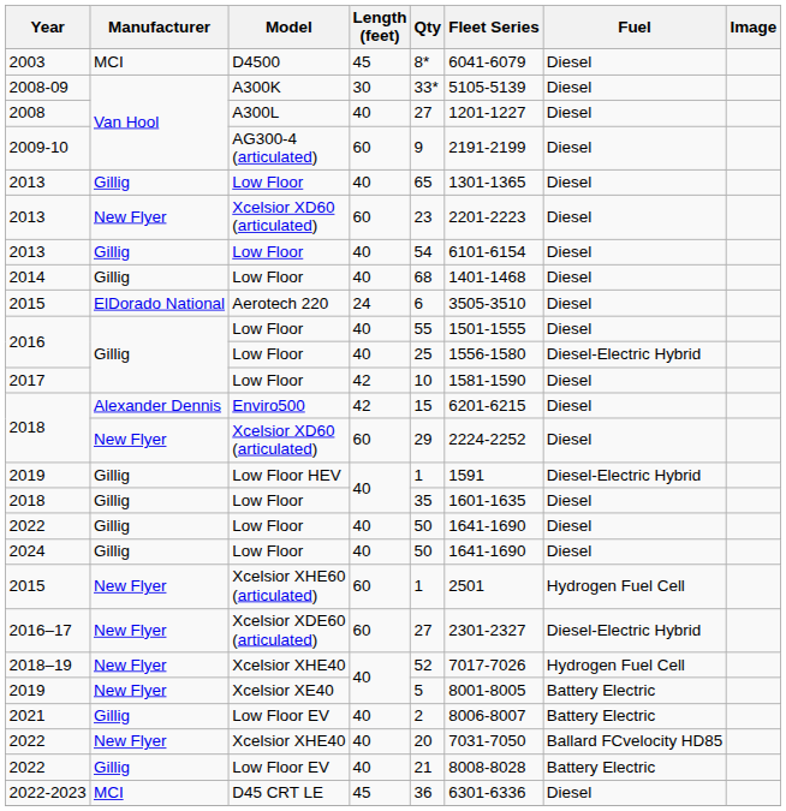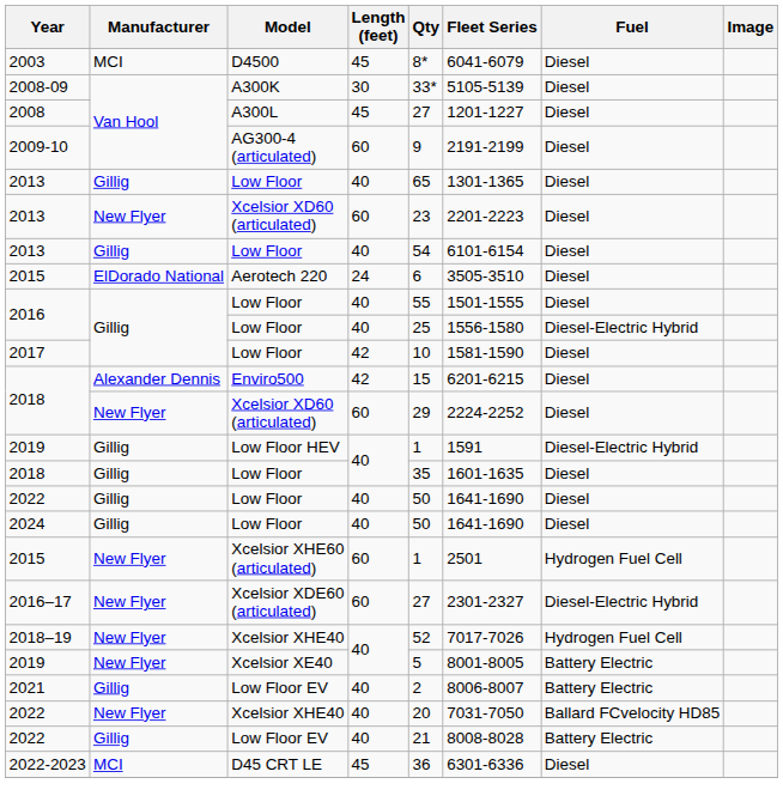 <table class= "wikitable sortable">
 <tr>
 <th>Year</th>
 <th>Manufacturer</th>
 <th>Model</th>
 <th>Length<br>(feet)</th>
 <th>Qty</th>
 <th>Fleet Series</th>
 <th>Fuel</th>
 <th class="unsortable">Image</th>
 </tr>
 <tr>
 <td>2003</td>
 <td>MCI</td>
 <td>D4500</td>
 <td>45</td>
 <td>8*</td>
 <td>6041-6079</td>
 <td>Diesel</td>
 </tr>
 <tr>
 <td>2008-09</td>
 <td rowspan="3"><a href='#'>Van Hool</a></td>
 <td>A300K</td>
 <td>30</td>
 <td>33*</td>
 <td>5105-5139</td>
 <td>Diesel</td>
 <td></td>
 </tr>
 <tr>
 <td>2008</td>
 <td>A300L</td>
-<td>40</td>
+<td>45</td>
 <td>27</td>
 <td>1201-1227</td>
 <td>Diesel</td>
 <td></td>
 </tr>
 <tr>
 <td>2009-10</td>
 <td>AG300-4<br>(<a href='#'>articulated</a>)</td>
 <td>60</td>
 <td>9</td>
 <td>2191-2199</td>
 <td>Diesel</td>
 <td></td>
 </tr>
 <tr>
 <td>2013</td>
 <td><a href='#'>Gillig</a></td>
 <td><a href='#'>Low Floor</a></td>
 <td>40</td>
 <td>65</td>
 <td>1301-1365</td>
 <td>Diesel</td>
 <td></td>
 </tr>
 <tr>
 <td>2013</td>
 <td><a href='#'>New Flyer</a></td>
 <td><a href='#'>Xcelsior XD60</a><br>(<a href='#'>articulated</a>)</td>
 <td>60</td>
 <td>23</td>
 <td>2201-2223</td>
 <td>Diesel</td>
 <td></td>
 </tr>
 <tr>
 <td>2013</td>
 <td><a href='#'>Gillig</a></td>
 <td><a href='#'>Low Floor</a></td>
 <td>40</td>
 <td>54</td>
 <td>6101-6154</td>
-<td>Diesel</td>
-<td></td>
-</tr>
-<tr>
-<td>2014</td>
-<td>Gillig</td>
-<td>Low Floor</td>
-<td>40</td>
-<td>68</td>
-<td>1401-1468</td>
 <td>Diesel</td>
 <td></td>
 </tr>
 <tr>
 <td>2015</td>
 <td><a href='#'>ElDorado National</a></td>
 <td>Aerotech 220</td>
 <td>24</td>
 <td>6</td>
 <td>3505-3510</td>
 <td>Diesel</td>
 <td></td>
 </tr>
 <tr>
 <td rowspan=2>2016</td>
 <td rowspan=3>Gillig</td>
 <td>Low Floor</td>
 <td>40</td>
 <td>55</td>
 <td>1501-1555</td>
 <td>Diesel</td>
 <td></td>
 </tr>
 <tr>
 <td>Low Floor</td>
 <td>40</td>
 <td>25</td>
 <td>1556-1580</td>
 <td>Diesel-Electric Hybrid</td>
 <td></td>
 </tr>
 <tr>
 <td>2017</td>
 <td>Low Floor</td>
 <td>42</td>
 <td>10</td>
 <td>1581-1590</td>
 <td>Diesel</td>
 <td></td>
 </tr>
 <tr>
 <td rowspan=2>2018</td>
 <td><a href='#'>Alexander Dennis</a></td>
 <td><a href='#'>Enviro500</a></td>
 <td>42</td>
 <td>15</td>
 <td>6201-6215</td>
 <td>Diesel</td>
 <td></td>
 </tr>
 <tr>
 <td><a href='#'>New Flyer</a></td>
 <td><a href='#'>Xcelsior XD60</a><br>(<a href='#'>articulated</a>)</td>
 <td>60</td>
 <td>29</td>
 <td>2224-2252</td>
 <td>Diesel</td>
 <td></td>
 </tr>
 <tr>
 <td>2019</td>
 <td>Gillig</td>
 <td>Low Floor HEV</td>
 <td rowspan="2">40</td>
 <td>1</td>
 <td>1591</td>
 <td>Diesel-Electric Hybrid</td>
 <td></td>
 </tr>
 <tr>
 <td>2018</td>
 <td>Gillig</td>
 <td>Low Floor</td>
 <td>35</td>
 <td>1601-1635</td>
 <td>Diesel</td>
 <td></td>
 </tr>
 <tr>
 <td>2022</td>
 <td>Gillig</td>
 <td>Low Floor</td>
 <td>40</td>
 <td>50</td>
 <td>1641-1690</td>
 <td>Diesel</td>
 <td></td>
 </tr>
 <tr>
 <td>2024</td>
 <td>Gillig</td>
 <td>Low Floor</td>
 <td>40</td>
 <td>50</td>
 <td>1641-1690</td>
 <td>Diesel</td>
 <td></td>
 </tr>
 <tr>
 <td>2015</td>
 <td><a href='#'>New Flyer</a></td>
 <td>Xcelsior XHE60<br>(<a href='#'>articulated</a>)</td>
 <td>60</td>
 <td>1</td>
 <td>2501</td>
 <td>Hydrogen Fuel Cell</td>
 </tr>
 <tr>
 <td>2016–17</td>
 <td><a href='#'>New Flyer</a></td>
 <td>Xcelsior XDE60<br>(<a href='#'>articulated</a>)</td>
 <td>60</td>
 <td>27</td>
 <td>2301-2327</td>
 <td>Diesel-Electric Hybrid</td>
 <td></td>
 </tr>
 <tr>
 <td>2018–19</td>
 <td><a href='#'>New Flyer</a></td>
 <td>Xcelsior XHE40</td>
 <td rowspan="2">40</td>
 <td>52</td>
 <td>7017-7026</td>
 <td>Hydrogen Fuel Cell</td>
 <td></td>
 </tr>
 <tr>
 <td>2019</td>
 <td><a href='#'>New Flyer</a></td>
 <td>Xcelsior XE40</td>
 <td>5</td>
 <td>8001-8005</td>
 <td>Battery Electric</td>
 <td></td>
 </tr>
 <tr>
 <td>2021</td>
 <td><a href='#'>Gillig</a></td>
 <td>Low Floor EV</td>
 <td>40</td>
 <td>2</td>
 <td>8006-8007</td>
 <td>Battery Electric</td>
 </tr>
 <tr>
 <td>2022</td>
 <td><a href='#'>New Flyer</a></td>
 <td>Xcelsior XHE40</td>
 <td>40</td>
 <td>20</td>
 <td>7031-7050</td>
 <td>Ballard FCvelocity HD85</td>
 <td></td>
 </tr>
 <tr>
 <td>2022</td>
 <td><a href='#'>Gillig</a></td>
 <td>Low Floor EV</td>
 <td>40</td>
 <td>21</td>
 <td>8008-8028</td>
 <td>Battery Electric</td>
 </tr>
 <tr>
 <td>2022-2023</td>
 <td><a href='#'>MCI</a></td>
 <td>D45 CRT LE</td>
 <td>45</td>
 <td>36</td>
 <td>6301-6336</td>
 <td>Diesel</td>
 <td></td>
 </tr>
 <tr>
 </tr>
 </table>
